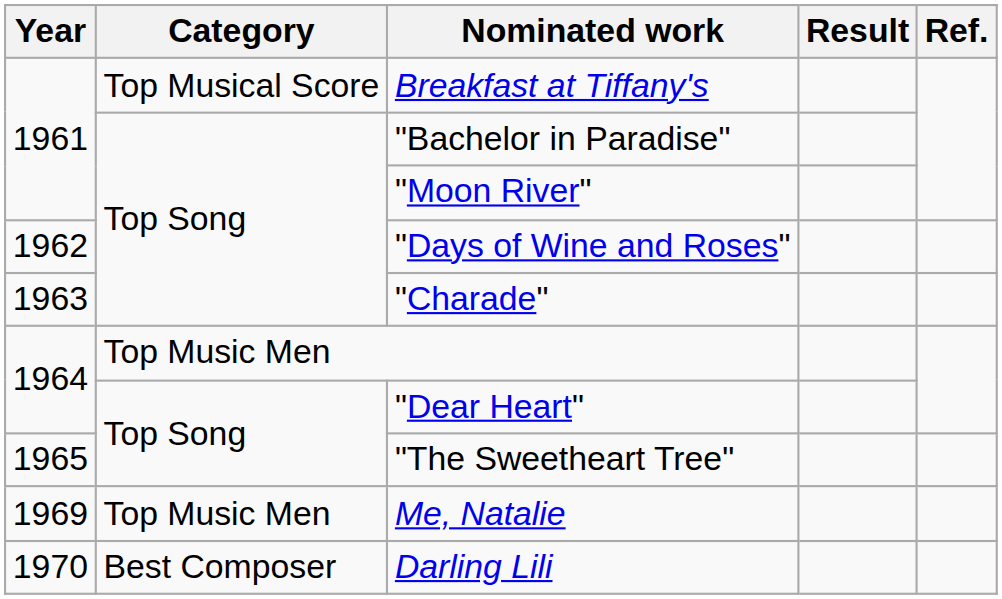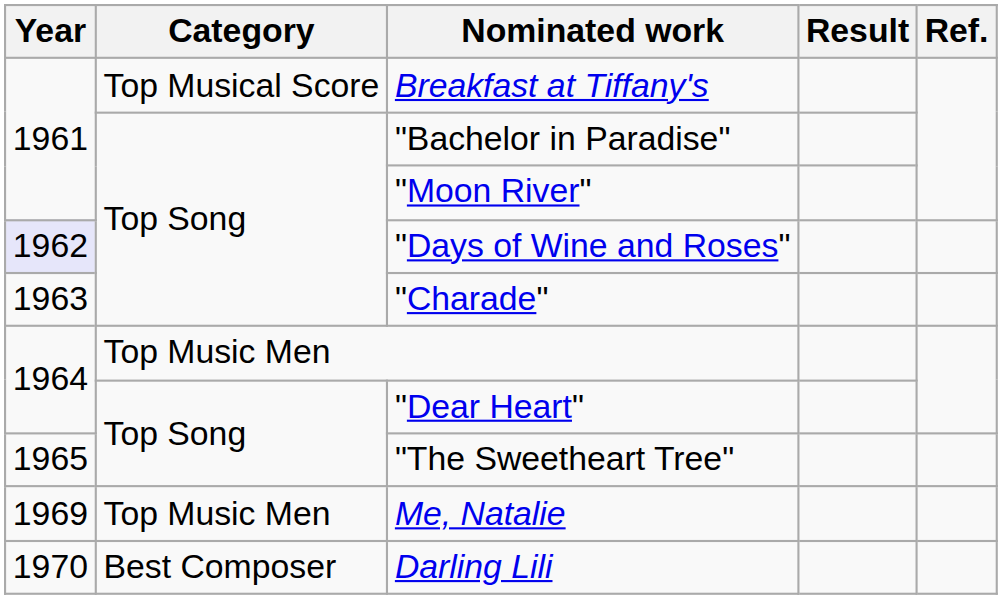 <table class="wikitable">
 <tr>
 <th>Year</th>
 <th>Category</th>
 <th>Nominated work</th>
 <th>Result</th>
 <th>Ref.</th>
 </tr>
 <tr>
 <td rowspan="3">1961</td>
 <td>Top Musical Score</td>
 <td><em><a href='#'>Breakfast at Tiffany's</a></em></td>
 <td></td>
 <td align="center" rowspan="3"></td>
 </tr>
 <tr>
 <td rowspan="4">Top Song</td>
 <td>"Bachelor in Paradise" </td>
 <td></td>
 </tr>
 <tr>
 <td>"<a href='#'>Moon River</a>" </td>
 <td></td>
 </tr>
 <tr>
-<td>1962</td>
+<td style="background: lavender;">1962</td>
 <td>"<a href='#'>Days of Wine and Roses</a>" </td>
 <td></td>
 <td align="center"></td>
 </tr>
 <tr>
 <td>1963</td>
 <td>"<a href='#'>Charade</a>" </td>
 <td></td>
 <td align="center"></td>
 </tr>
 <tr>
 <td rowspan="2">1964</td>
 <td colspan="2">Top Music Men</td>
 <td></td>
 <td align="center" rowspan="2"></td>
 </tr>
 <tr>
 <td rowspan="2">Top Song</td>
 <td>"<a href='#'>Dear Heart</a>" </td>
 <td></td>
 </tr>
 <tr>
 <td>1965</td>
 <td>"The Sweetheart Tree" </td>
 <td></td>
 <td align="center"></td>
 </tr>
 <tr>
 <td>1969</td>
 <td>Top Music Men</td>
 <td><em><a href='#'>Me, Natalie</a></em></td>
 <td></td>
 <td align="center"></td>
 </tr>
 <tr>
 <td>1970</td>
 <td>Best Composer</td>
 <td><em><a href='#'>Darling Lili</a></em></td>
 <td></td>
 <td align="center"></td>
 </tr>
 </table>
